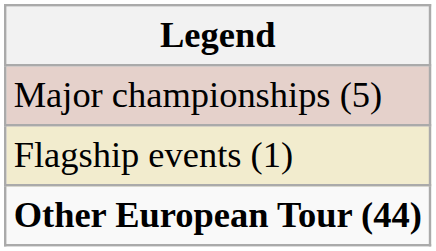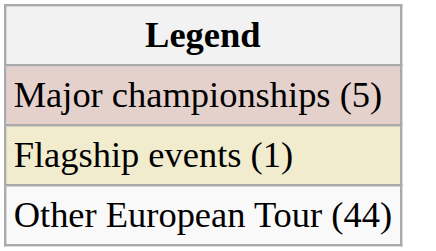 <table class="wikitable" style="font-size:95%;">
 <tr>
 <th>Legend</th>
 </tr>
 <tr style="background:#e5d1cb;">
 <td>Major championships (5)</td>
 </tr>
 <tr style="background:#f2ecce;">
 <td>Flagship events (1)</td>
 </tr>
 <tr>
-<td><strong>Other European Tour (44)</strong></td>
+<td>Other European Tour (44)</td>
 </tr>
 </table>
